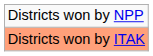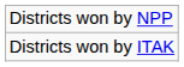 <table class="wikitable">
 <tr>
 <td>Districts won by <a href='#'>NPP</a></td>
 </tr>
 <tr>
-<td style="background: lightsalmon;">Districts won by <a href='#'>ITAK</a></td>
+<td>Districts won by <a href='#'>ITAK</a></td>
 </tr>
 </table>
